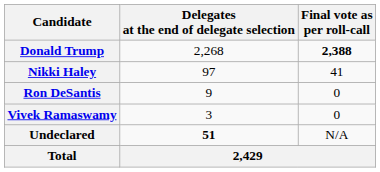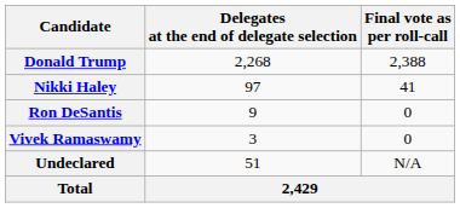 <table class="wikitable" style="text-align:center;">
 <tr>
 <th scope="col">Candidate</th>
 <th scope="col">Delegates<br> at the end of delegate selection</th>
 <th scope="col">Final vote as <br>per roll-call</th>
 </tr>
 <tr>
 <th scope="row"> <a href='#'>Donald Trump</a></th>
 <td>2,268</td>
-<td><strong>2,388</strong></td>
+<td>2,388</td>
 </tr>
 <tr>
 <th scope="row"> <a href='#'>Nikki Haley</a></th>
 <td>97</td>
 <td>41</td>
 </tr>
 <tr>
 <th scope="row"> <a href='#'>Ron DeSantis</a></th>
 <td>9</td>
 <td>0</td>
 </tr>
 <tr>
 <th scope="row"> <a href='#'>Vivek Ramaswamy</a></th>
 <td>3</td>
 <td>0</td>
 </tr>
 <tr>
 <th scope="row">Undeclared</th>
-<td><strong>51</strong></td>
+<td>51</td>
 <td>N/A</td>
 </tr>
 <tr>
 <th scope="row">Total</th>
 <th colspan=2><strong>2,429</strong></th>
 </tr>
 </table>
